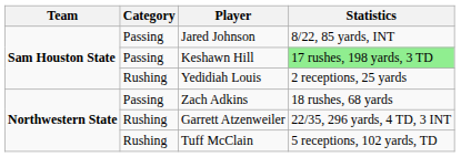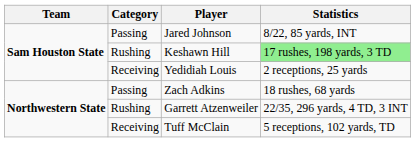 <table class="wikitable" style="float: left;">
 <tr>
 <th>Team</th>
 <th>Category</th>
 <th>Player</th>
 <th>Statistics</th>
 </tr>
 <tr>
 <td rowspan=3><strong>Sam Houston State</strong></td>
 <td>Passing</td>
 <td>Jared Johnson</td>
 <td>8/22, 85 yards, INT</td>
 </tr>
 <tr>
-<td>Passing</td>
+<td>Rushing</td>
 <td>Keshawn Hill</td>
 <td style="background: lightgreen;">17 rushes, 198 yards, 3 TD</td>
 </tr>
 <tr>
-<td>Rushing</td>
+<td>Receiving</td>
 <td>Yedidiah Louis</td>
 <td>2 receptions, 25 yards</td>
 </tr>
 <tr>
 <td rowspan=3><strong>Northwestern State</strong></td>
 <td>Passing</td>
 <td>Zach Adkins</td>
 <td>18 rushes, 68 yards</td>
 </tr>
 <tr>
 <td>Rushing</td>
 <td>Garrett Atzenweiler</td>
 <td>22/35, 296 yards, 4 TD, 3 INT</td>
 </tr>
 <tr>
-<td>Rushing</td>
+<td>Receiving</td>
 <td>Tuff McClain</td>
 <td>5 receptions, 102 yards, TD</td>
 </tr>
 </table>
